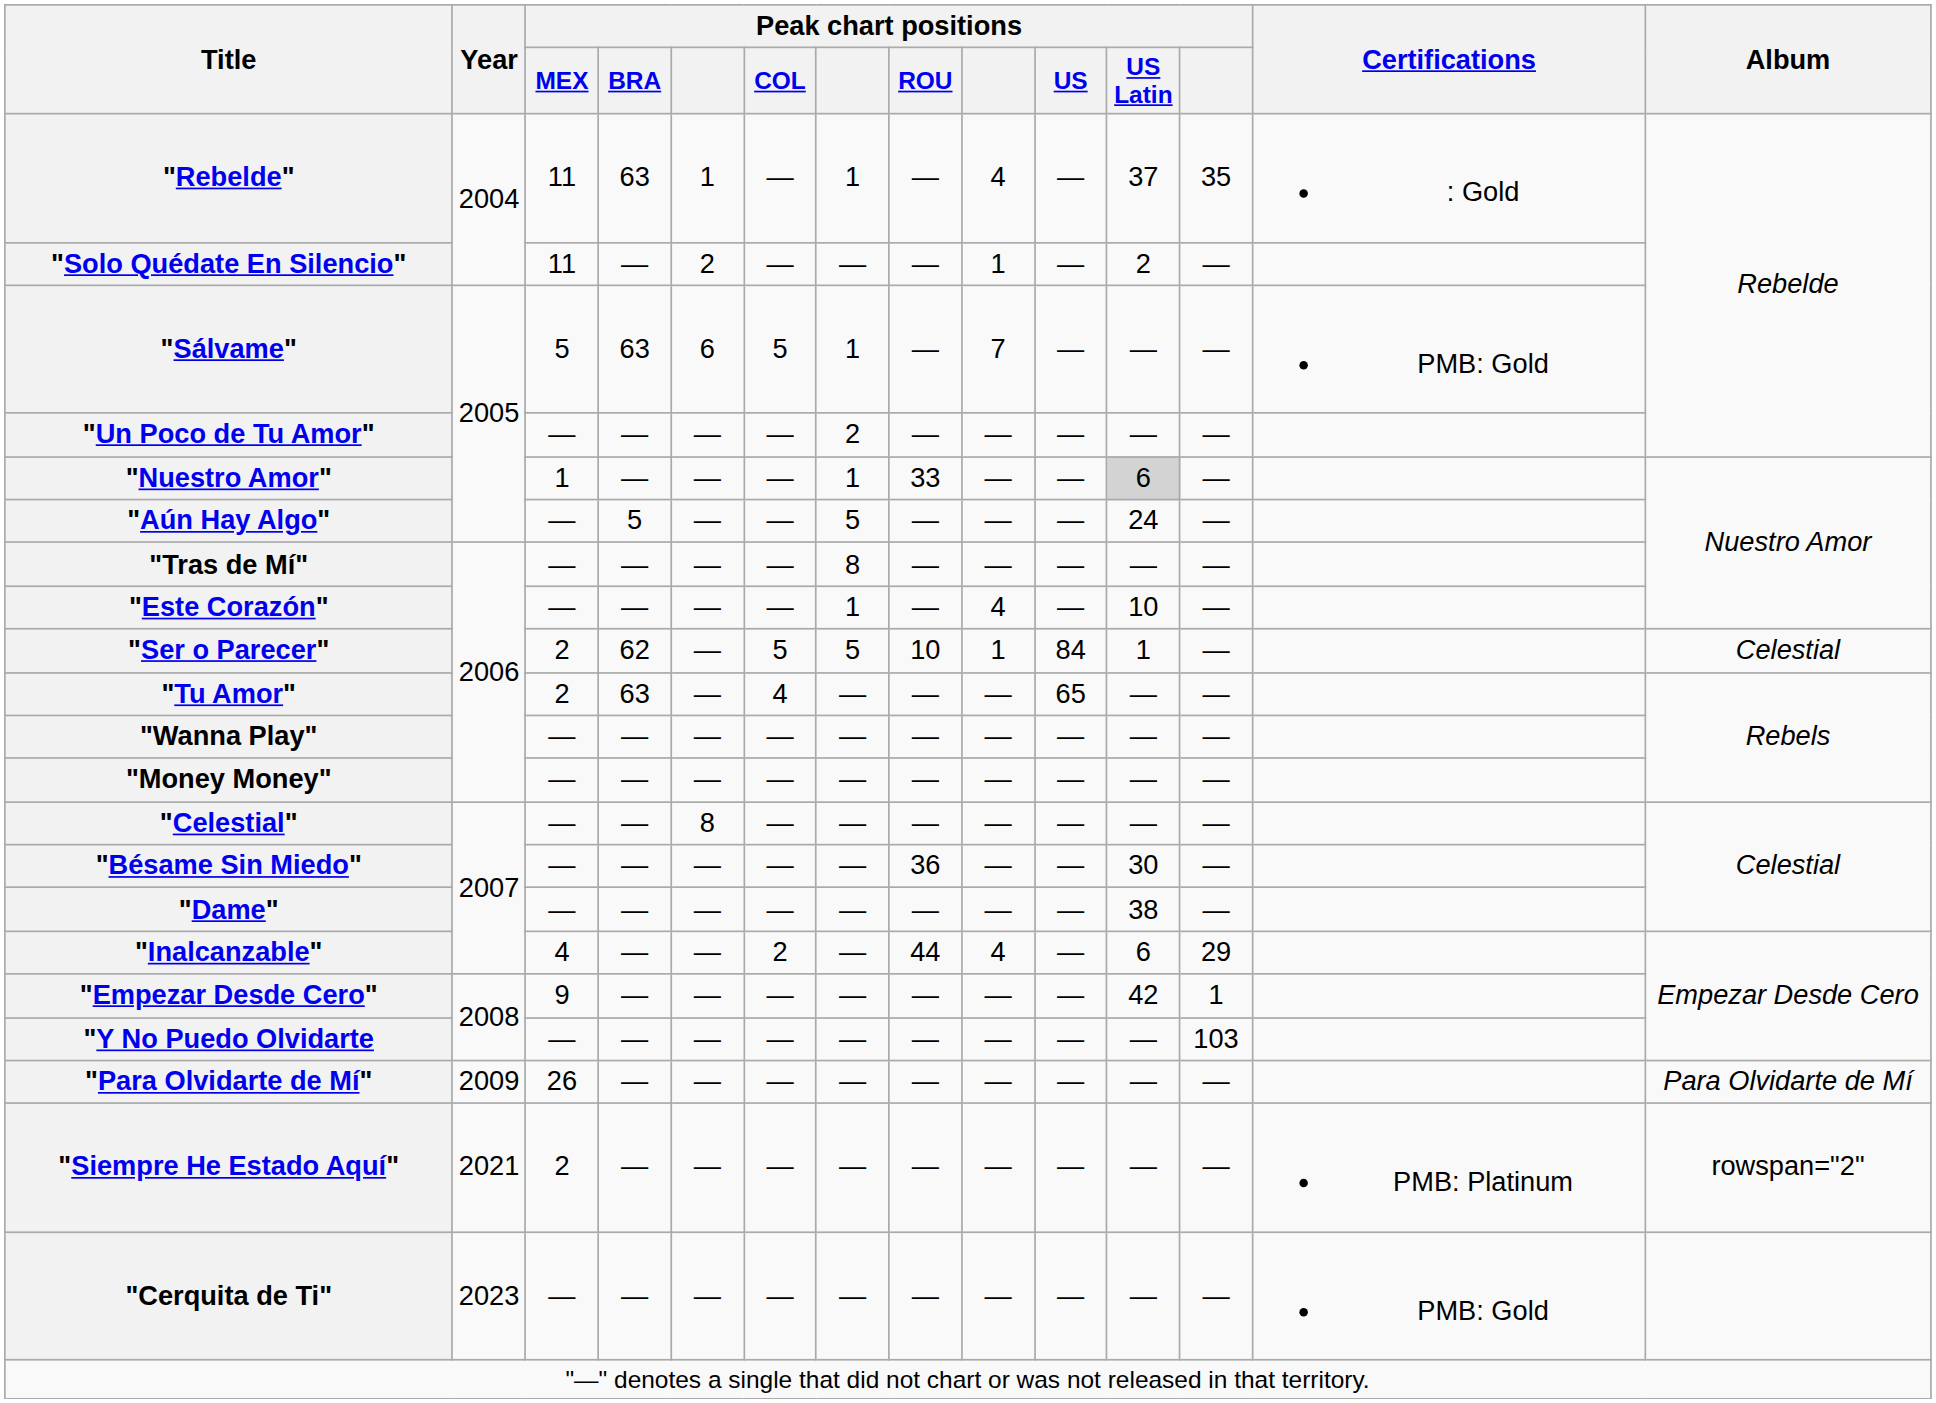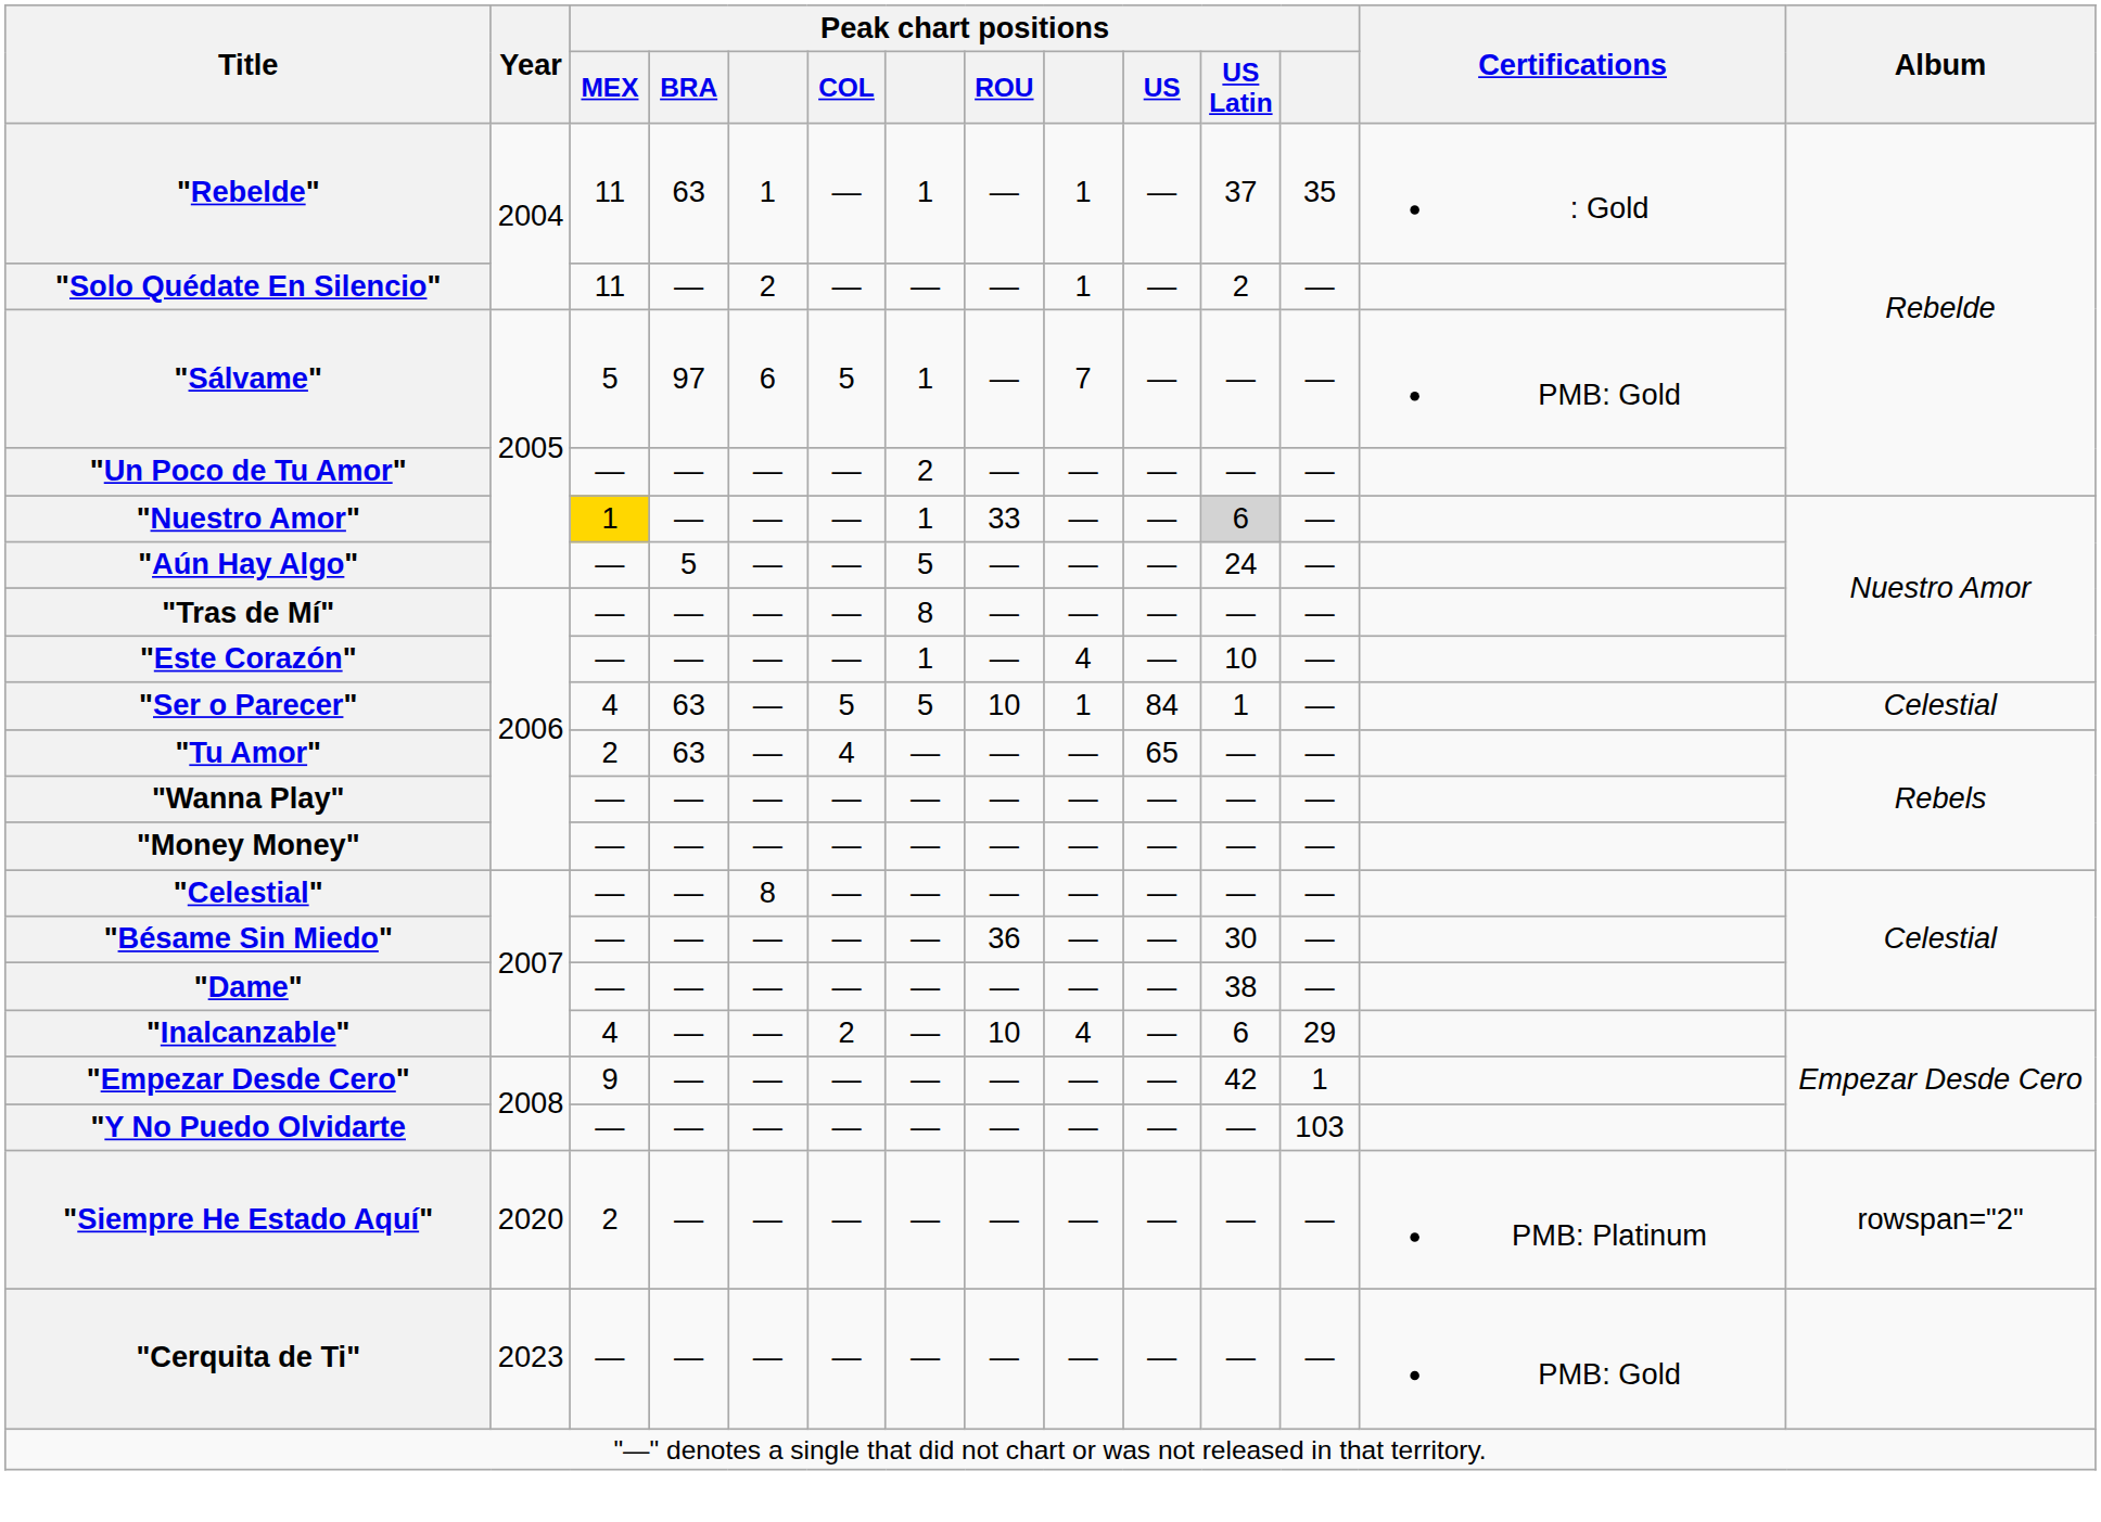 <table class="wikitable plainrowheaders" style="text-align:center;">
 <tr>
 <th scope="col" rowspan="2" style="width:16em;">Title</th>
 <th scope="col" rowspan="2" style="width:1em;">Year</th>
 <th scope="col" colspan="10">Peak chart positions</th>
 <th scope="col" rowspan="2" style="width:14em;"><a href='#'>Certifications</a></th>
 <th scope="col" rowspan="2" style="width:10em;">Album</th>
 </tr>
 <tr>
 <th scope="col" style="width:2.5em;font-size:90%;"><a href='#'>MEX</a><br></th>
 <th scope="col" style="width:2.5em;font-size:90%;"><a href='#'>BRA</a><br></th>
 <th scope="col" style="width:2.5em;font-size:90%;"><a href='#'></a><br></th>
 <th scope="col" style="width:2.5em;font-size:90%;"><a href='#'>COL</a><br></th>
 <th scope="col" style="width:2.5em;font-size:90%;"><a href='#'></a><br></th>
 <th scope="col" style="width:2.5em;font-size:90%;"><a href='#'>ROU</a><br></th>
 <th scope="col" style="width:2.5em;font-size:90%;"><a href='#'></a><br></th>
 <th scope="col" style="width:2.5em;font-size:90%;"><a href='#'>US</a><br></th>
 <th scope="col" style="width:2.5em;font-size:90%;"><a href='#'>US<br>Latin</a><br></th>
 <th scope="col" style="width:2.5em;font-size:90%;"><a href='#'></a><br></th>
 </tr>
 <tr>
 <th scope="row">"<a href='#'>Rebelde</a>"</th>
 <td rowspan="2">2004</td>
 <td>11 </td>
 <td>63</td>
 <td>1</td>
 <td>—</td>
 <td>1</td>
 <td>—</td>
-<td>4</td>
+<td>1</td>
 <td>—</td>
 <td>37</td>
 <td>35 </td>
 <td><br><ul><li><a href='#'></a>: Gold</li></ul></td>
 <td rowspan="4"><em>Rebelde</em></td>
 </tr>
 <tr>
 <th scope="row">"<a href='#'>Solo Quédate En Silencio</a>"</th>
 <td>11 </td>
 <td>—</td>
 <td>2</td>
 <td>—</td>
 <td>—</td>
 <td>—</td>
 <td>1</td>
 <td>—</td>
 <td>2</td>
 <td>—</td>
 <td></td>
 </tr>
 <tr>
 <th scope="row">"<a href='#'>Sálvame</a>"</th>
 <td rowspan="4">2005</td>
 <td>5 </td>
-<td>63 </td>
+<td>97 </td>
 <td>6</td>
 <td>5</td>
 <td>1</td>
 <td>—</td>
 <td>7</td>
 <td>—</td>
 <td>—</td>
 <td>—</td>
 <td><br><ul><li>PMB: Gold</li></ul></td>
 </tr>
 <tr>
 <th scope="row">"<a href='#'>Un Poco de Tu Amor</a>"</th>
 <td>—</td>
 <td>—</td>
 <td>—</td>
 <td>—</td>
 <td>2</td>
 <td>—</td>
 <td>—</td>
 <td>—</td>
 <td>—</td>
 <td>—</td>
 <td></td>
 </tr>
 <tr>
 <th scope="row">"<a href='#'>Nuestro Amor</a>"</th>
-<td>1 </td>
+<td style="background: gold;">1 </td>
 <td>—</td>
 <td>—</td>
 <td>—</td>
 <td>1</td>
 <td>33</td>
 <td>—</td>
 <td>—</td>
 <td style="background: lightgrey;">6</td>
 <td>—</td>
 <td></td>
 <td rowspan="4"><em>Nuestro Amor</em></td>
 </tr>
 <tr>
 <th scope="row">"<a href='#'>Aún Hay Algo</a>"</th>
 <td>—</td>
 <td>5</td>
 <td>—</td>
 <td>—</td>
 <td>5</td>
 <td>—</td>
 <td>—</td>
 <td>—</td>
 <td>24</td>
 <td>—</td>
 <td></td>
 </tr>
 <tr>
 <th scope="row">"Tras de Mí"</th>
 <td rowspan="6">2006</td>
 <td>—</td>
 <td>—</td>
 <td>—</td>
 <td>—</td>
 <td>8</td>
 <td>—</td>
 <td>—</td>
 <td>—</td>
 <td>—</td>
 <td>—</td>
 <td></td>
 </tr>
 <tr>
 <th scope="row">"<a href='#'>Este Corazón</a>"</th>
 <td>—</td>
 <td>—</td>
 <td>—</td>
 <td>—</td>
 <td>1</td>
 <td>—</td>
 <td>4</td>
 <td>—</td>
 <td>10</td>
 <td>—</td>
 <td></td>
 </tr>
 <tr>
 <th scope="row">"<a href='#'>Ser o Parecer</a>"</th>
-<td>2 </td>
-<td>62</td>
+<td>4 </td>
+<td>63</td>
 <td>—</td>
 <td>5</td>
 <td>5</td>
 <td>10</td>
 <td>1</td>
 <td>84</td>
 <td>1</td>
 <td>—</td>
 <td></td>
 <td><em>Celestial</em></td>
 </tr>
 <tr>
 <th scope="row">"<a href='#'>Tu Amor</a>"</th>
 <td>2 </td>
 <td>63 </td>
 <td>—</td>
 <td>4</td>
 <td>—</td>
 <td>—</td>
 <td>—</td>
 <td>65</td>
 <td>—</td>
 <td>—</td>
 <td></td>
 <td rowspan="3"><em>Rebels</em></td>
 </tr>
 <tr>
 <th scope="row">"Wanna Play"</th>
 <td>—</td>
 <td>—</td>
 <td>—</td>
 <td>—</td>
 <td>—</td>
 <td>—</td>
 <td>—</td>
 <td>—</td>
 <td>—</td>
 <td>—</td>
 <td></td>
 </tr>
 <tr>
 <th scope="row">"Money Money"</th>
 <td>—</td>
 <td>—</td>
 <td>—</td>
 <td>—</td>
 <td>—</td>
 <td>—</td>
 <td>—</td>
 <td>—</td>
 <td>—</td>
 <td>—</td>
 <td></td>
 </tr>
 <tr>
 <th scope="row">"<a href='#'>Celestial</a>"</th>
 <td rowspan="4">2007</td>
 <td>—</td>
 <td>—</td>
 <td>8</td>
 <td>—</td>
 <td>—</td>
 <td>—</td>
 <td>—</td>
 <td>—</td>
 <td>—</td>
 <td>—</td>
 <td></td>
 <td rowspan="3"><em>Celestial</em></td>
 </tr>
 <tr>
 <th scope="row">"<a href='#'>Bésame Sin Miedo</a>"</th>
 <td>—</td>
 <td>—</td>
 <td>—</td>
 <td>—</td>
 <td>—</td>
 <td>36</td>
 <td>—</td>
 <td>—</td>
 <td>30</td>
 <td>—</td>
 <td></td>
 </tr>
 <tr>
 <th scope="row">"<a href='#'>Dame</a>"</th>
 <td>—</td>
 <td>—</td>
 <td>—</td>
 <td>—</td>
 <td>—</td>
 <td>—</td>
 <td>—</td>
 <td>—</td>
 <td>38</td>
 <td>—</td>
 <td></td>
 </tr>
 <tr>
 <th scope="row">"<a href='#'>Inalcanzable</a>"</th>
 <td>4 </td>
 <td>—</td>
 <td>—</td>
 <td>2</td>
 <td>—</td>
-<td>44</td>
+<td>10</td>
 <td>4</td>
 <td>—</td>
 <td>6</td>
 <td>29</td>
 <td></td>
 <td rowspan="3"><em>Empezar Desde Cero</em></td>
 </tr>
 <tr>
 <th scope="row">"<a href='#'>Empezar Desde Cero</a>"</th>
 <td rowspan="2">2008</td>
 <td>9 </td>
 <td>—</td>
 <td>—</td>
 <td>—</td>
 <td>—</td>
 <td>—</td>
 <td>—</td>
 <td>—</td>
 <td>42</td>
 <td>1</td>
 <td></td>
 </tr>
 <tr>
 <th scope="row">"<a href='#'>Y No Puedo Olvidarte</a></th>
 <td>—</td>
 <td>—</td>
 <td>—</td>
 <td>—</td>
 <td>—</td>
 <td>—</td>
 <td>—</td>
 <td>—</td>
 <td>—</td>
 <td>103</td>
 <td></td>
 </tr>
 <tr>
-<th scope="row">"<a href='#'>Para Olvidarte de Mí</a>"</th>
-<td>2009</td>
-<td>26 </td>
-<td>—</td>
-<td>—</td>
-<td>—</td>
-<td>—</td>
-<td>—</td>
-<td>—</td>
-<td>—</td>
-<td>—</td>
-<td>—</td>
-<td></td>
-<td><em>Para Olvidarte de Mí</em></td>
-</tr>
-<tr>
 <th scope="row">"<a href='#'>Siempre He Estado Aquí</a>"</th>
-<td>2021</td>
+<td>2020</td>
 <td>2 </td>
 <td>—</td>
 <td>—</td>
 <td>—</td>
 <td>—</td>
 <td>—</td>
 <td>—</td>
 <td>—</td>
 <td>—</td>
 <td>—</td>
 <td><br><ul><li>PMB: Platinum</li></ul></td>
 <td>rowspan="2" </td>
 </tr>
 <tr>
 <th scope="row">"Cerquita de Ti"</th>
 <td>2023</td>
 <td>—</td>
 <td>—</td>
 <td>—</td>
 <td>—</td>
 <td>—</td>
 <td>—</td>
 <td>—</td>
 <td>—</td>
 <td>—</td>
 <td>—</td>
 <td><br><ul><li>PMB: Gold</li></ul></td>
 </tr>
 <tr>
 <td colspan="14" style="font-size:90%">"—" denotes a single that did not chart or was not released in that territory.</td>
 </tr>
 </table>
